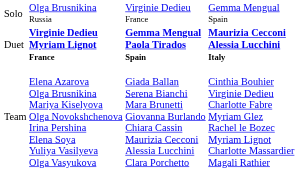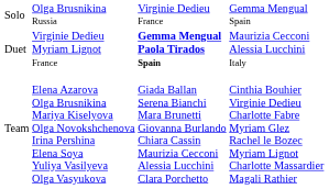 <table>
 <tr>
 <td>Solo</td>
 <td> <a href='#'>Olga Brusnikina</a><br><small>Russia</small></td>
 <td> <a href='#'>Virginie Dedieu</a><br><small>France</small></td>
 <td> <a href='#'>Gemma Mengual</a><br><small>Spain</small></td>
 </tr>
 <tr>
 <td>Duet</td>
-<td><strong> <a href='#'>Virginie Dedieu</a><br><a href='#'>Myriam Lignot</a><br><small>France</small></strong></td>
+<td> <a href='#'>Virginie Dedieu</a><br><a href='#'>Myriam Lignot</a><br><small>France</small></td>
 <td><strong> <a href='#'>Gemma Mengual</a><br><a href='#'>Paola Tirados</a><br><small>Spain</small></strong></td>
-<td><strong> <a href='#'>Maurizia Cecconi</a><br><a href='#'>Alessia Lucchini</a><br><small>Italy</small></strong></td>
+<td> <a href='#'>Maurizia Cecconi</a><br><a href='#'>Alessia Lucchini</a><br><small>Italy</small></td>
 </tr>
 <tr>
 <td>Team</td>
 <td><br><a href='#'>Elena Azarova</a><br><a href='#'>Olga Brusnikina</a><br><a href='#'>Mariya Kiselyova</a><br><a href='#'>Olga Novokshchenova</a><br><a href='#'>Irina Pershina</a><br><a href='#'>Elena Soya</a><br><a href='#'>Yuliya Vasilyeva</a><br><a href='#'>Olga Vasyukova</a></td>
 <td><br><a href='#'>Giada Ballan</a><br><a href='#'>Serena Bianchi</a><br><a href='#'>Mara Brunetti</a><br><a href='#'>Giovanna Burlando</a><br><a href='#'>Chiara Cassin</a><br><a href='#'>Maurizia Cecconi</a><br><a href='#'>Alessia Lucchini</a><br><a href='#'>Clara Porchetto</a></td>
 <td><br><a href='#'>Cinthia Bouhier</a><br><a href='#'>Virginie Dedieu</a><br><a href='#'>Charlotte Fabre</a><br><a href='#'>Myriam Glez</a><br><a href='#'>Rachel le Bozec</a><br><a href='#'>Myriam Lignot</a><br><a href='#'>Charlotte Massardier</a><br><a href='#'>Magali Rathier</a></td>
 </tr>
 </table>
